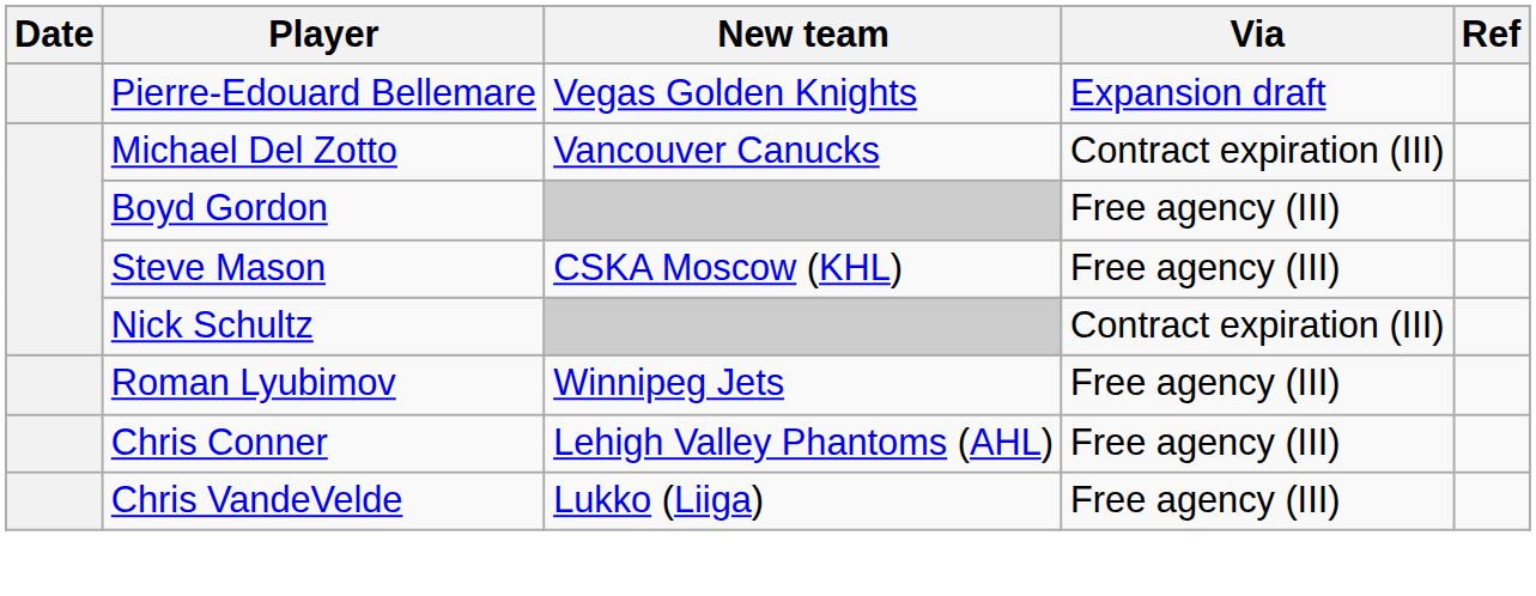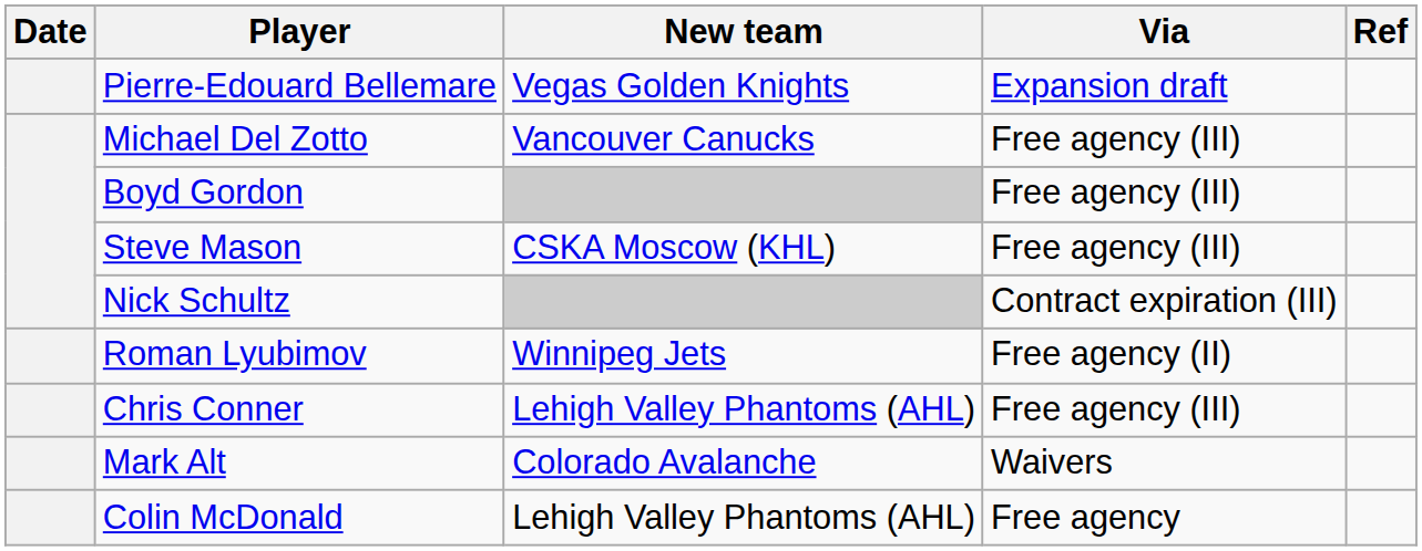 <table class="wikitable plainrowheaders">
 <tr style="background:#ddd; text-align:center;">
 <th>Date</th>
 <th>Player</th>
 <th>New team</th>
 <th>Via</th>
 <th>Ref</th>
 </tr>
 <tr>
 <th scope="row"></th>
 <td><a href='#'>Pierre-Edouard Bellemare</a></td>
 <td><a href='#'>Vegas Golden Knights</a></td>
 <td><a href='#'>Expansion draft</a></td>
 <td></td>
 </tr>
 <tr>
 <th scope="row" rowspan=4></th>
 <td><a href='#'>Michael Del Zotto</a></td>
 <td><a href='#'>Vancouver Canucks</a></td>
-<td>Contract expiration (III)</td>
+<td>Free agency (III)</td>
 <td></td>
 </tr>
 <tr>
 <td><a href='#'>Boyd Gordon</a></td>
 <td style="background:#ccc"></td>
 <td>Free agency (III)</td>
 <td></td>
 </tr>
 <tr>
 <td><a href='#'>Steve Mason</a></td>
 <td><a href='#'>CSKA Moscow</a> (<a href='#'>KHL</a>)</td>
 <td>Free agency (III)</td>
 <td></td>
 </tr>
 <tr>
 <td><a href='#'>Nick Schultz</a></td>
 <td style="background:#ccc"></td>
 <td>Contract expiration (III)</td>
 <td></td>
 </tr>
 <tr>
 <th scope="row"></th>
 <td><a href='#'>Roman Lyubimov</a></td>
 <td><a href='#'>Winnipeg Jets</a></td>
-<td>Free agency (III)</td>
+<td>Free agency (II)</td>
 <td></td>
 </tr>
 <tr>
 <th scope="row"></th>
 <td><a href='#'>Chris Conner</a></td>
 <td><a href='#'>Lehigh Valley Phantoms</a> (<a href='#'>AHL</a>)</td>
 <td>Free agency (III)</td>
 <td></td>
 </tr>
 <tr>
 <th scope="row"></th>
-<td><a href='#'>Chris VandeVelde</a></td>
-<td><a href='#'>Lukko</a> (<a href='#'>Liiga</a>)</td>
-<td>Free agency (III)</td>
+<td><a href='#'>Mark Alt</a></td>
+<td><a href='#'>Colorado Avalanche</a></td>
+<td>Waivers</td>
+<td></td>
+</tr>
+<tr>
+<th scope="row"></th>
+<td><a href='#'>Colin McDonald</a></td>
+<td>Lehigh Valley Phantoms (AHL)</td>
+<td>Free agency</td>
 <td></td>
 </tr>
 </table>
